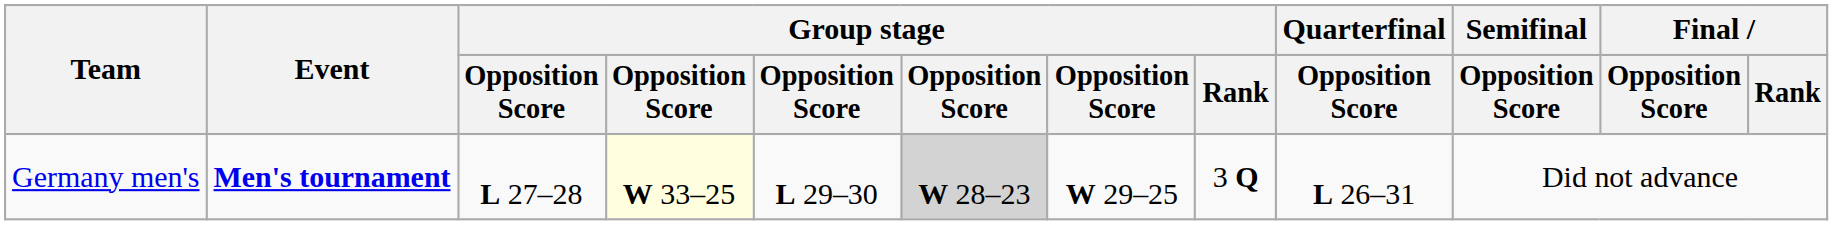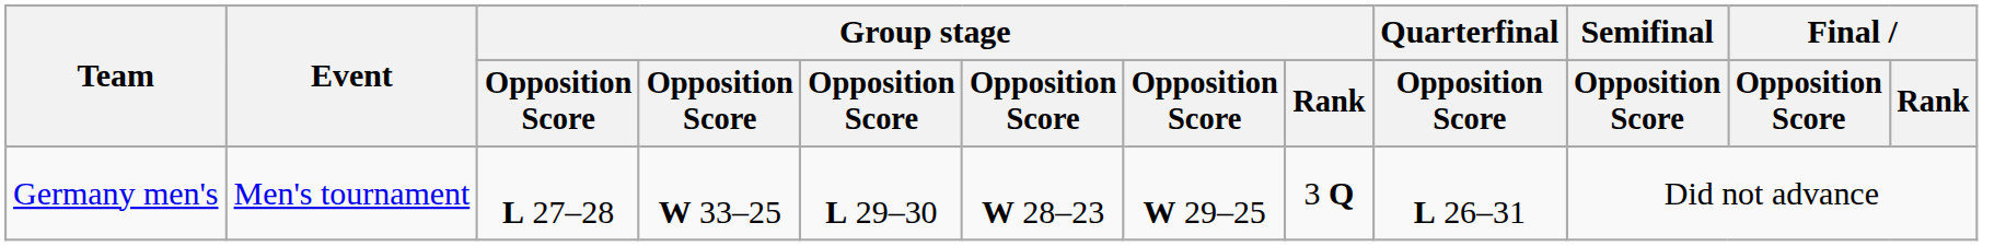 <table class="wikitable" style="font-size:90%">
 <tr>
 <th rowspan=2>Team</th>
 <th rowspan=2>Event</th>
 <th colspan=6>Group stage</th>
 <th>Quarterfinal</th>
 <th>Semifinal</th>
 <th colspan=2>Final / </th>
 </tr>
 <tr style="font-size:95%">
 <th>Opposition<br>Score</th>
 <th>Opposition<br>Score</th>
 <th>Opposition<br>Score</th>
 <th>Opposition<br>Score</th>
 <th>Opposition<br>Score</th>
 <th>Rank</th>
 <th>Opposition<br>Score</th>
 <th>Opposition<br>Score</th>
 <th>Opposition<br>Score</th>
 <th>Rank</th>
 </tr>
 <tr align=center>
 <td align=left><a href='#'>Germany men's</a></td>
-<td align=left><strong><a href='#'>Men's tournament</a></strong></td>
+<td align=left><a href='#'>Men's tournament</a></td>
 <td><br><strong>L</strong> 27–28</td>
-<td style="background: lightyellow;"><br><strong>W</strong> 33–25</td>
+<td><br><strong>W</strong> 33–25</td>
 <td><br><strong>L</strong> 29–30</td>
-<td style="background: lightgrey;"><br><strong>W</strong> 28–23</td>
+<td><br><strong>W</strong> 28–23</td>
 <td><br><strong>W</strong> 29–25</td>
 <td>3 <strong>Q</strong></td>
 <td><br><strong>L</strong> 26–31</td>
 <td colspan=3>Did not advance</td>
 </tr>
 </table>
